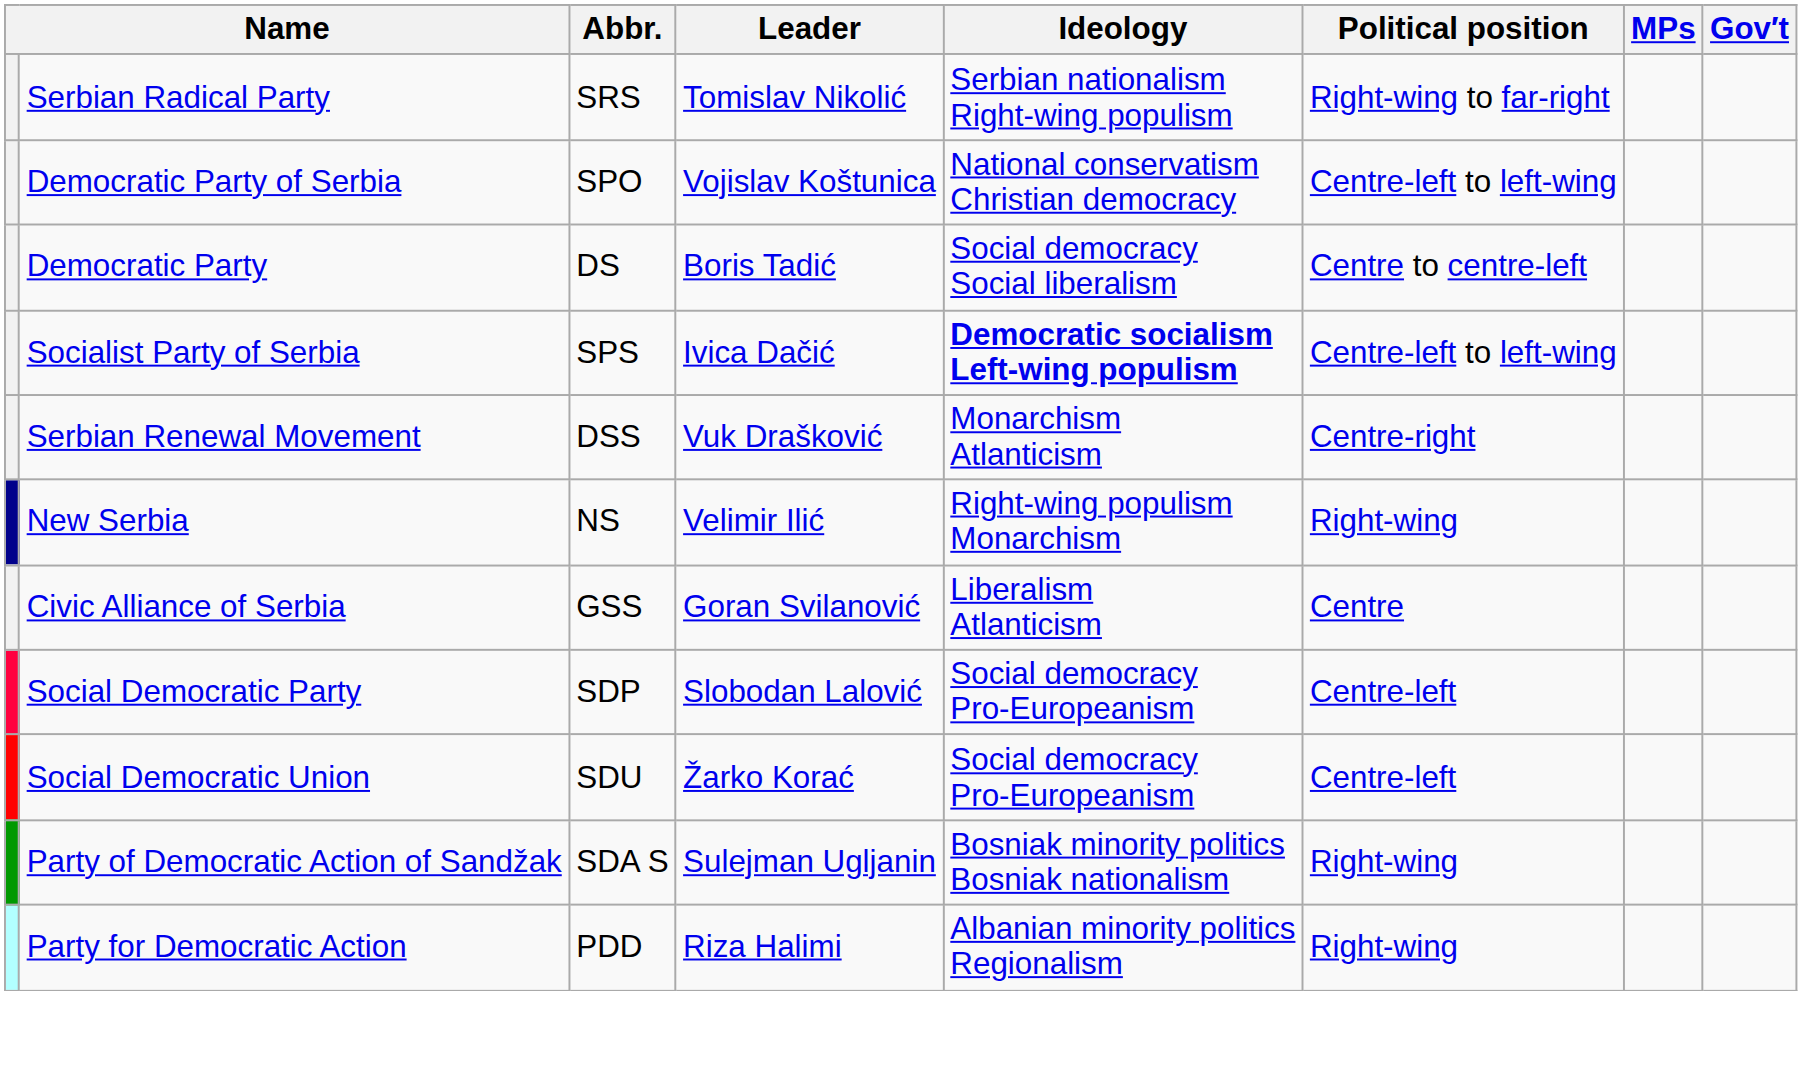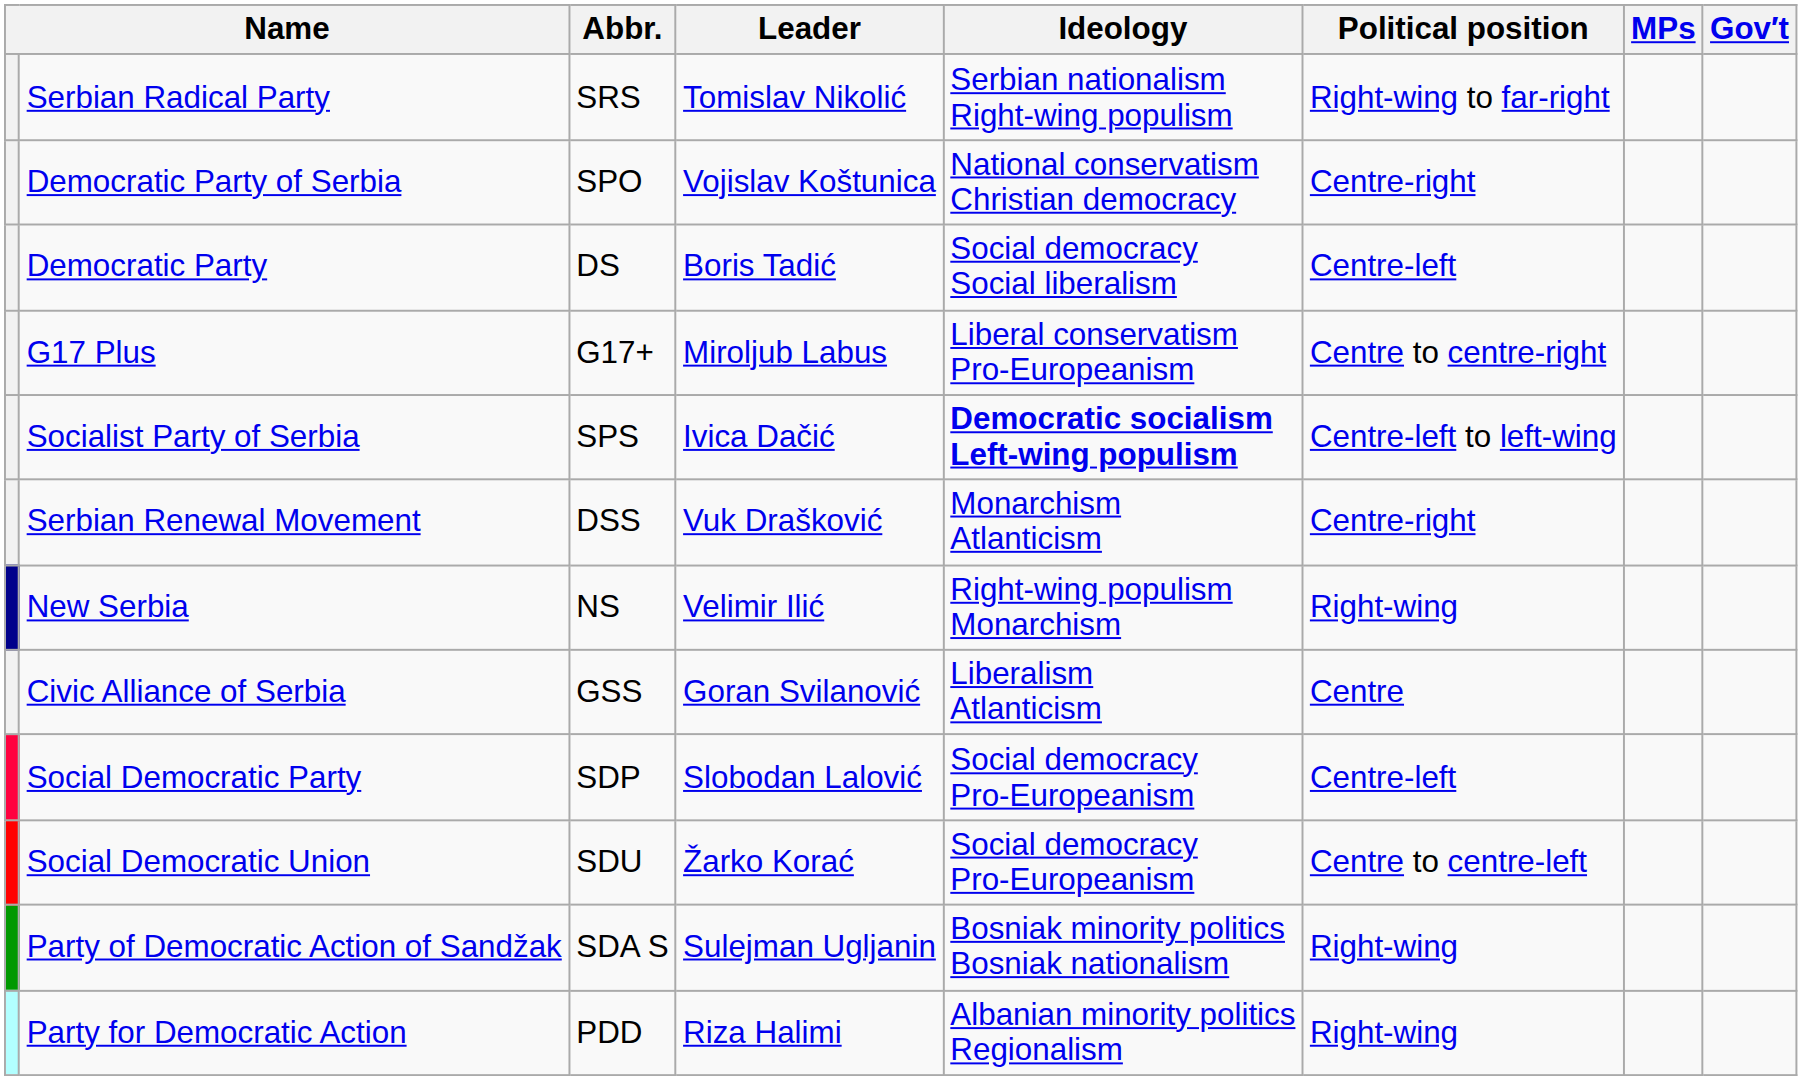 <table class="wikitable">
 <tr>
 <th colspan=2>Name</th>
 <th>Abbr.</th>
 <th>Leader</th>
 <th>Ideology</th>
 <th>Political position</th>
 <th><a href='#'>MPs</a></th>
 <th><a href='#'>Gov′t</a></th>
 </tr>
 <tr>
 <th style="background-color: "></th>
 <td><a href='#'>Serbian Radical Party</a><br><small><em></em></small></td>
 <td>SRS</td>
 <td><a href='#'>Tomislav Nikolić</a></td>
 <td><a href='#'>Serbian nationalism</a><br><a href='#'>Right-wing populism</a></td>
 <td><a href='#'>Right-wing</a> to <a href='#'>far-right</a></td>
 <td></td>
 <td></td>
 </tr>
 <tr>
 <th style="background-color: "></th>
 <td><a href='#'>Democratic Party of Serbia</a><br><small><em></em></small></td>
 <td>SPO</td>
 <td><a href='#'>Vojislav Koštunica</a></td>
 <td><a href='#'>National conservatism</a><br><a href='#'>Christian democracy</a></td>
-<td><a href='#'>Centre-left</a> to <a href='#'>left-wing</a></td>
+<td><a href='#'>Centre-right</a></td>
 <td></td>
 <td></td>
 </tr>
 <tr>
 <th style="background-color: "></th>
 <td><a href='#'>Democratic Party</a><br><small><em></em></small></td>
 <td>DS</td>
 <td><a href='#'>Boris Tadić</a></td>
 <td><a href='#'>Social democracy</a><br><a href='#'>Social liberalism</a></td>
-<td><a href='#'>Centre</a> to <a href='#'>centre-left</a></td>
+<td><a href='#'>Centre-left</a></td>
+<td></td>
+<td></td>
+</tr>
+<tr>
+<th style="background-color: "></th>
+<td><a href='#'>G17 Plus</a><br><small><em></em></small></td>
+<td>G17+</td>
+<td><a href='#'>Miroljub Labus</a></td>
+<td><a href='#'>Liberal conservatism</a><br><a href='#'>Pro-Europeanism</a></td>
+<td><a href='#'>Centre</a> to <a href='#'>centre-right</a></td>
 <td></td>
 <td></td>
 </tr>
 <tr>
 <th style="background-color: "></th>
 <td><a href='#'>Socialist Party of Serbia</a><br><small><em></em></small></td>
 <td>SPS</td>
 <td><a href='#'>Ivica Dačić</a></td>
 <td><strong><a href='#'>Democratic socialism</a><br><a href='#'>Left-wing populism</a></strong></td>
 <td><a href='#'>Centre-left</a> to <a href='#'>left-wing</a></td>
 <td></td>
 <td></td>
 </tr>
 <tr>
 <th style="background-color: "></th>
 <td><a href='#'>Serbian Renewal Movement</a><br><small><em></em></small></td>
 <td>DSS</td>
 <td><a href='#'>Vuk Drašković</a></td>
 <td><a href='#'>Monarchism</a><br><a href='#'>Atlanticism</a></td>
 <td><a href='#'>Centre-right</a></td>
 <td></td>
 <td></td>
 </tr>
 <tr>
 <th style="background-color: darkblue; color:white;"></th>
 <td><a href='#'>New Serbia</a><br><small><em></em></small></td>
 <td>NS</td>
 <td><a href='#'>Velimir Ilić</a></td>
 <td><a href='#'>Right-wing populism</a><br><a href='#'>Monarchism</a></td>
 <td><a href='#'>Right-wing</a></td>
 <td></td>
 <td></td>
 </tr>
 <tr>
 <th style="background-color: "></th>
 <td><a href='#'>Civic Alliance of Serbia</a><br><small><em></em></small></td>
 <td>GSS</td>
 <td><a href='#'>Goran Svilanović</a></td>
 <td><a href='#'>Liberalism</a><br><a href='#'>Atlanticism</a></td>
 <td><a href='#'>Centre</a></td>
 <td></td>
 <td></td>
 </tr>
 <tr>
 <th style="background-color: #FF003F; color:white;"></th>
 <td><a href='#'>Social Democratic Party</a><br><small><em></em></small></td>
 <td>SDP</td>
 <td><a href='#'>Slobodan Lalović</a></td>
 <td><a href='#'>Social democracy</a><br><a href='#'>Pro-Europeanism</a></td>
 <td><a href='#'>Centre-left</a></td>
 <td></td>
 <td></td>
 </tr>
 <tr>
 <th style="background-color: red; color:white;"></th>
 <td><a href='#'>Social Democratic Union</a><br><small><em></em></small></td>
 <td>SDU</td>
 <td><a href='#'>Žarko Korać</a></td>
 <td><a href='#'>Social democracy</a><br><a href='#'>Pro-Europeanism</a></td>
-<td><a href='#'>Centre-left</a></td>
+<td><a href='#'>Centre</a> to <a href='#'>centre-left</a></td>
 <td></td>
 <td></td>
 </tr>
 <tr>
 <th style="background-color: #009900; color:white;"></th>
 <td><a href='#'>Party of Democratic Action of Sandžak</a><br><small><em></em></small></td>
 <td>SDA S</td>
 <td><a href='#'>Sulejman Ugljanin</a></td>
 <td><a href='#'>Bosniak minority politics</a><br><a href='#'>Bosniak nationalism</a></td>
 <td><a href='#'>Right-wing</a></td>
 <td></td>
 <td></td>
 </tr>
 <tr>
 <th style="background-color: #B2FFFF; color:white;"></th>
 <td><a href='#'>Party for Democratic Action</a><br><small><em></em></small></td>
 <td>PDD</td>
 <td><a href='#'>Riza Halimi</a></td>
 <td><a href='#'>Albanian minority politics</a><br><a href='#'>Regionalism</a></td>
 <td><a href='#'>Right-wing</a></td>
 <td></td>
 <td></td>
 </tr>
 </table>
